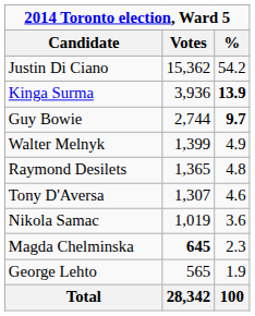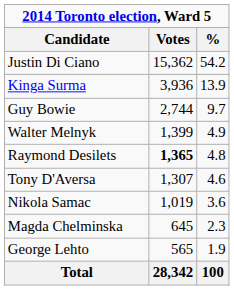 <table class="wikitable">
 <tr>
 <td Colspan="3" align="center"><strong><a href='#'>2014 Toronto election</a>, Ward 5</strong></td>
 </tr>
 <tr>
 <th bgcolor="#DDDDFF" width="150px">Candidate</th>
 <th bgcolor="#DDDDFF">Votes</th>
 <th bgcolor="#DDDDFF">%</th>
 </tr>
 <tr>
 <td>Justin Di Ciano</td>
 <td align=right>15,362</td>
 <td align=right>54.2</td>
 </tr>
 <tr>
 <td><a href='#'>Kinga Surma</a></td>
 <td align=right>3,936</td>
-<td align=right><strong>13.9</strong></td>
+<td align=right>13.9</td>
 </tr>
 <tr>
 <td>Guy Bowie</td>
 <td align=right>2,744</td>
-<td align=right><strong>9.7</strong></td>
+<td align=right>9.7</td>
 </tr>
 <tr>
 <td>Walter Melnyk</td>
 <td align=right>1,399</td>
 <td align=right>4.9</td>
 </tr>
 <tr>
 <td>Raymond Desilets</td>
-<td align=right>1,365</td>
+<td align=right><strong>1,365</strong></td>
 <td align=right>4.8</td>
 </tr>
 <tr>
 <td>Tony D'Aversa</td>
 <td align=right>1,307</td>
 <td align=right>4.6</td>
 </tr>
 <tr>
 <td>Nikola Samac</td>
 <td align=right>1,019</td>
 <td align=right>3.6</td>
 </tr>
 <tr>
 <td>Magda Chelminska</td>
-<td align=right><strong>645</strong></td>
+<td align=right>645</td>
 <td align=right>2.3</td>
 </tr>
 <tr>
 <td>George Lehto</td>
 <td align=right>565</td>
 <td align=right>1.9</td>
 </tr>
 <tr>
 <th>Total</th>
 <th align=right>28,342</th>
 <th align=right>100</th>
 </tr>
 </table>
